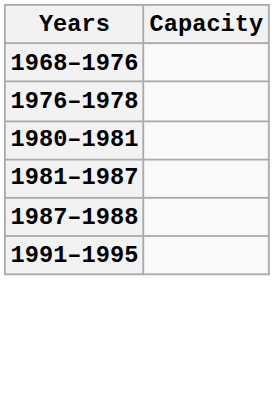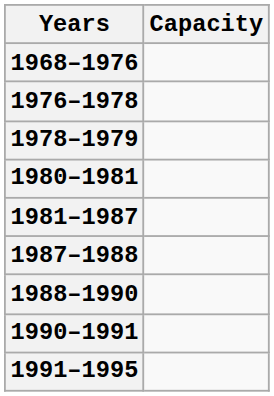 <table class="wikitable">
 <tr>
 <th>Years</th>
 <th>Capacity</th>
 </tr>
 <tr>
 <th>1968–1976</th>
 <td></td>
 </tr>
 <tr>
 <th>1976–1978</th>
+<td></td>
+</tr>
+<tr>
+<th>1978–1979</th>
 <td></td>
 </tr>
 <tr>
 <th>1980–1981</th>
 <td></td>
 </tr>
 <tr>
 <th>1981–1987</th>
 <td></td>
 </tr>
 <tr>
 <th>1987–1988</th>
 <td></td>
 </tr>
 <tr>
+<th>1988–1990</th>
+<td></td>
+</tr>
+<tr>
+<th>1990–1991</th>
+<td></td>
+</tr>
+<tr>
 <th>1991–1995</th>
 <td></td>
 </tr>
 </table>
